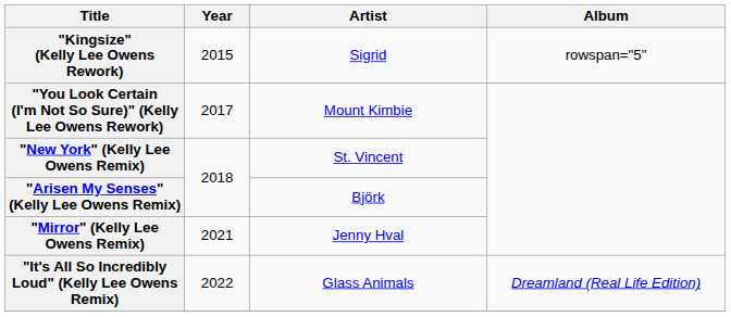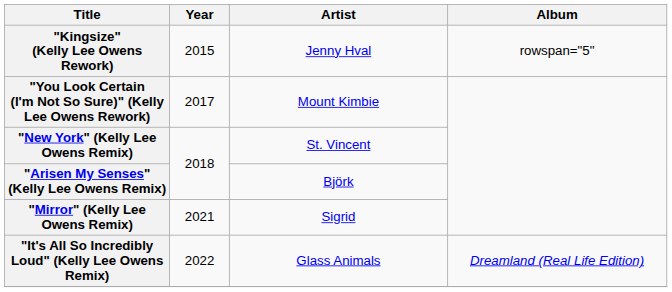 <table class="wikitable plainrowheaders" style="text-align:center;" border="1">
 <tr>
 <th scope="col" style="width:12em;">Title</th>
 <th scope="col" style="width:4em;">Year</th>
 <th scope="col" style="width:16em;">Artist</th>
 <th scope="col" style="width:16em;">Album</th>
 </tr>
 <tr>
 <th scope="row">"Kingsize"<br>(Kelly Lee Owens Rework)</th>
 <td rowspan="1">2015</td>
-<td><a href='#'>Sigrid</a></td>
+<td><a href='#'>Jenny Hval</a></td>
 <td>rowspan="5" </td>
 </tr>
 <tr>
 <th scope="row">"You Look Certain<br>(I'm Not So Sure)" (Kelly Lee Owens Rework)</th>
 <td rowspan="1">2017</td>
 <td><a href='#'>Mount Kimbie</a></td>
 </tr>
 <tr>
 <th scope="row">"<a href='#'>New York</a>" (Kelly Lee Owens Remix)</th>
 <td rowspan="2">2018</td>
 <td><a href='#'>St. Vincent</a></td>
 </tr>
 <tr>
 <th scope="row">"<a href='#'>Arisen My Senses</a>" (Kelly Lee Owens Remix)</th>
 <td><a href='#'>Björk</a></td>
 </tr>
 <tr>
 <th scope="row">"<a href='#'>Mirror</a>" (Kelly Lee Owens Remix)</th>
 <td rowspan="1">2021</td>
-<td><a href='#'>Jenny Hval</a></td>
+<td><a href='#'>Sigrid</a></td>
 </tr>
 <tr>
 <th scope="row">"It's All So Incredibly Loud" (Kelly Lee Owens Remix)</th>
 <td rowspan="1">2022</td>
 <td><a href='#'>Glass Animals</a></td>
 <td><em><a href='#'>Dreamland (Real Life Edition)</a></em></td>
 </tr>
 <tr>
 </tr>
 </table>
